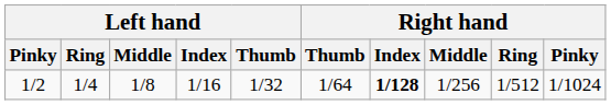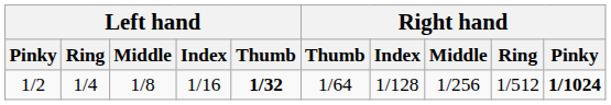 <table class="wikitable" style="text-align:center">
 <tr>
 <th colspan=5><big>Left hand</big></th>
 <th colspan=5><big>Right hand</big></th>
 </tr>
 <tr>
 <th>Pinky</th>
 <th>Ring</th>
 <th>Middle</th>
 <th>Index</th>
 <th>Thumb</th>
 <th>Thumb</th>
 <th>Index</th>
 <th>Middle</th>
 <th>Ring</th>
 <th>Pinky</th>
 </tr>
 <tr>
 <td>1/2</td>
 <td>1/4</td>
 <td>1/8</td>
 <td>1/16</td>
-<td>1/32</td>
+<td><strong>1/32</strong></td>
 <td>1/64</td>
-<td><strong>1/128</strong></td>
+<td>1/128</td>
 <td>1/256</td>
 <td>1/512</td>
-<td>1/1024</td>
+<td><strong>1/1024</strong></td>
 </tr>
 </table>
